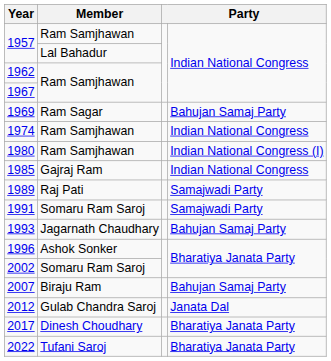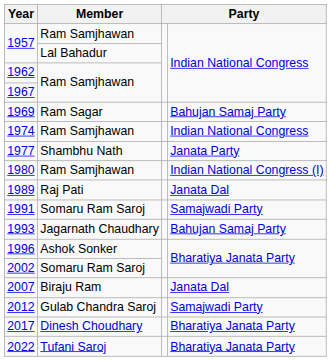 <table class="wikitable">
 <tr>
 <th>Year</th>
 <th>Member</th>
 <th colspan="2">Party</th>
 </tr>
 <tr>
 <td rowspan="2"><a href='#'>1957</a></td>
 <td>Ram Samjhawan</td>
 <td rowspan="4" style="background-color: "></td>
 <td rowspan="4"><a href='#'>Indian National Congress</a></td>
 </tr>
 <tr>
 <td>Lal Bahadur</td>
 </tr>
 <tr>
 <td><a href='#'>1962</a></td>
 <td rowspan="2">Ram Samjhawan</td>
 </tr>
 <tr>
 <td><a href='#'>1967</a></td>
 </tr>
 <tr>
 <td><a href='#'>1969</a></td>
 <td>Ram Sagar</td>
 <td style="background-color: "></td>
 <td><a href='#'>Bahujan Samaj Party</a></td>
 </tr>
 <tr>
 <td><a href='#'>1974</a></td>
 <td>Ram Samjhawan</td>
 <td style="background-color: "></td>
 <td><a href='#'>Indian National Congress</a></td>
 </tr>
 <tr>
+<td><a href='#'>1977</a></td>
+<td>Shambhu Nath</td>
+<td style="background-color: "></td>
+<td><a href='#'>Janata Party</a></td>
+</tr>
+<tr>
 <td><a href='#'>1980</a></td>
 <td>Ram Samjhawan</td>
 <td style="background-color: "></td>
 <td><a href='#'>Indian National Congress (I)</a></td>
 </tr>
 <tr>
-<td><a href='#'>1985</a></td>
-<td>Gajraj Ram</td>
-<td style="background-color: "></td>
-<td><a href='#'>Indian National Congress</a></td>
-</tr>
-<tr>
 <td><a href='#'>1989</a></td>
 <td>Raj Pati</td>
 <td style="background-color: "></td>
-<td><a href='#'>Samajwadi Party</a></td>
+<td><a href='#'>Janata Dal</a></td>
 </tr>
 <tr>
 <td><a href='#'>1991</a></td>
 <td>Somaru Ram Saroj</td>
 <td style="background-color: "></td>
 <td><a href='#'>Samajwadi Party</a></td>
 </tr>
 <tr>
 <td><a href='#'>1993</a></td>
 <td>Jagarnath Chaudhary</td>
 <td style="background-color: "></td>
 <td><a href='#'>Bahujan Samaj Party</a></td>
 </tr>
 <tr>
 <td><a href='#'>1996</a></td>
 <td>Ashok Sonker</td>
 <td rowspan="2" style="background-color: "></td>
 <td rowspan="2"><a href='#'>Bharatiya Janata Party</a></td>
 </tr>
 <tr>
 <td><a href='#'>2002</a></td>
 <td>Somaru Ram Saroj</td>
 </tr>
 <tr>
 <td><a href='#'>2007</a></td>
 <td>Biraju Ram</td>
 <td style="background-color: "></td>
-<td><a href='#'>Bahujan Samaj Party</a></td>
+<td><a href='#'>Janata Dal</a></td>
 </tr>
 <tr>
 <td><a href='#'>2012</a></td>
 <td>Gulab Chandra Saroj</td>
 <td style="background-color: "></td>
-<td><a href='#'>Janata Dal</a></td>
+<td><a href='#'>Samajwadi Party</a></td>
 </tr>
 <tr>
 <td><a href='#'>2017</a></td>
 <td><a href='#'>Dinesh Choudhary</a></td>
 <td style="background-color: "></td>
 <td><a href='#'>Bharatiya Janata Party</a></td>
 </tr>
 <tr>
 <td><a href='#'>2022</a></td>
 <td><a href='#'>Tufani Saroj</a></td>
 <td style="background-color: "></td>
 <td><a href='#'>Bharatiya Janata Party</a></td>
 </tr>
 </table>
